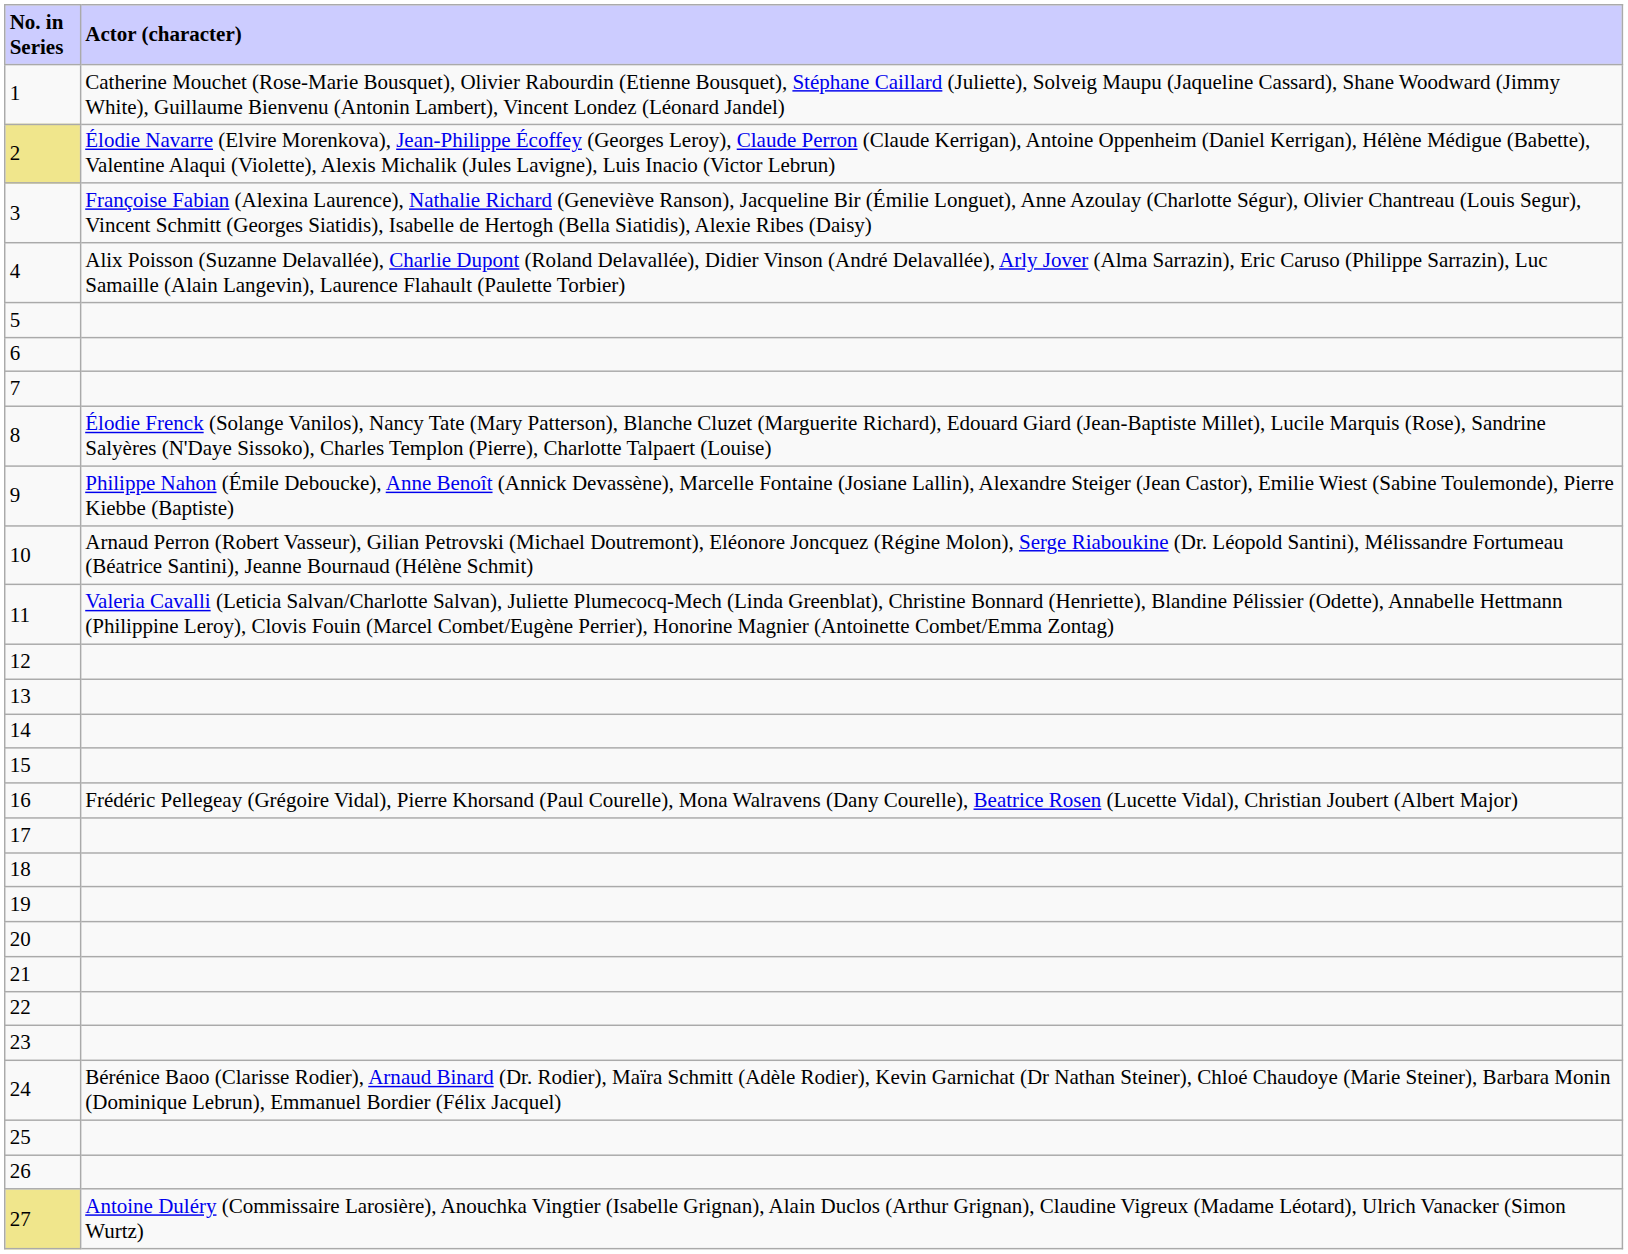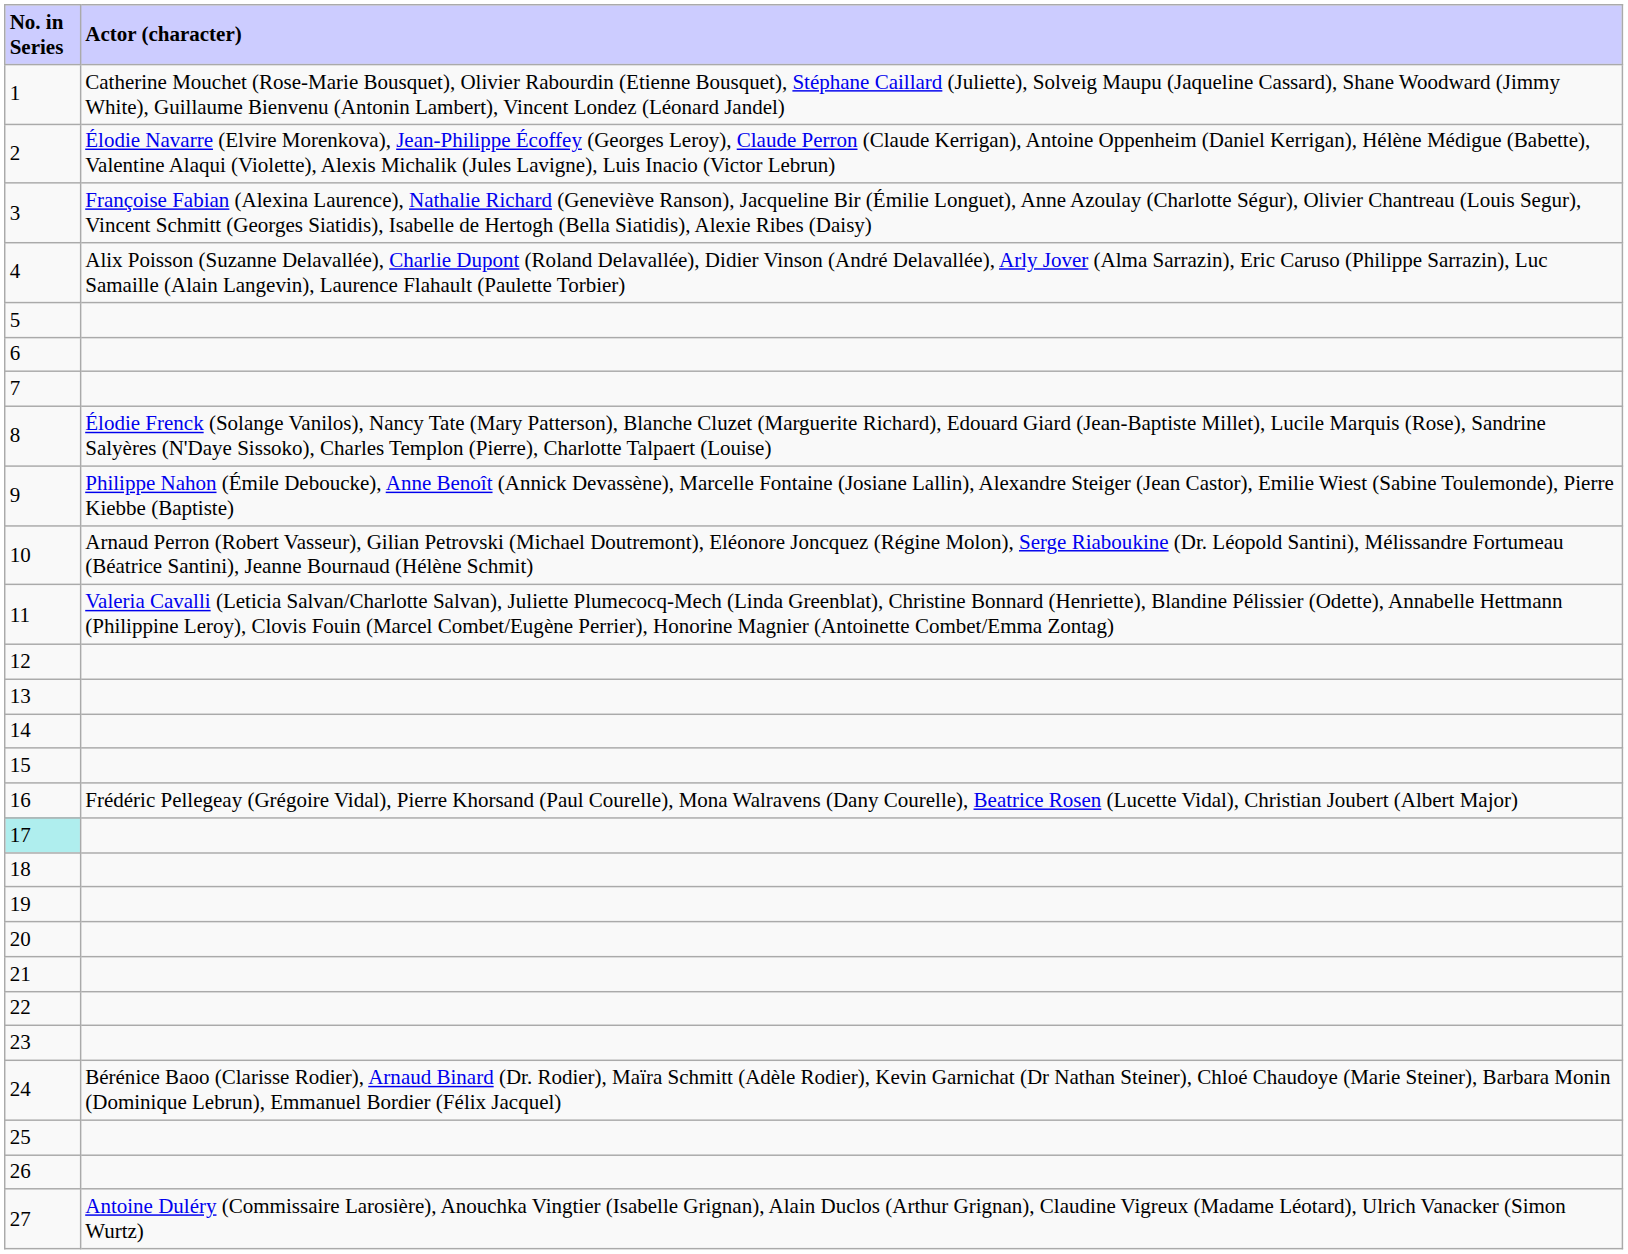 <table class="wikitable mw-collapsible mw-collapsed center" style="font-size: 90%; width:70%; left:0 auto;">
 <tr style="background-color: #CCCCFF">
 <td scope="col" style="width: 45px;"><strong>No. in Series</strong></td>
 <td><strong>Actor (character)</strong></td>
 </tr>
 <tr>
 <td>1</td>
 <td scope="col" align="left">Catherine Mouchet (Rose-Marie Bousquet), Olivier Rabourdin (Etienne Bousquet), <a href='#'>Stéphane Caillard</a> (Juliette), Solveig Maupu (Jaqueline Cassard), Shane Woodward (Jimmy White), Guillaume Bienvenu (Antonin Lambert), Vincent Londez (Léonard Jandel)</td>
 </tr>
 <tr>
-<td style="background: khaki;">2</td>
+<td>2</td>
 <td scope="col" align="left"><a href='#'>Élodie Navarre</a> (Elvire Morenkova), <a href='#'>Jean-Philippe Écoffey</a> (Georges Leroy), <a href='#'>Claude Perron</a> (Claude Kerrigan), Antoine Oppenheim (Daniel Kerrigan), Hélène Médigue (Babette), Valentine Alaqui (Violette), Alexis Michalik (Jules Lavigne), Luis Inacio (Victor Lebrun)</td>
 </tr>
 <tr>
 <td>3</td>
 <td scope="col" align="left"><a href='#'>Françoise Fabian</a> (Alexina Laurence), <a href='#'>Nathalie Richard</a> (Geneviève Ranson), Jacqueline Bir (Émilie Longuet), Anne Azoulay (Charlotte Ségur), Olivier Chantreau (Louis Segur), Vincent Schmitt (Georges Siatidis), Isabelle de Hertogh (Bella Siatidis), Alexie Ribes (Daisy)</td>
 </tr>
 <tr>
 <td>4</td>
 <td scope="col" align="left">Alix Poisson (Suzanne Delavallée), <a href='#'>Charlie Dupont</a> (Roland Delavallée), Didier Vinson (André Delavallée), <a href='#'>Arly Jover</a> (Alma Sarrazin), Eric Caruso (Philippe Sarrazin), Luc Samaille (Alain Langevin), Laurence Flahault (Paulette Torbier)</td>
 </tr>
 <tr>
 <td>5</td>
 <td scope="col" align="left"></td>
 </tr>
 <tr>
 <td>6</td>
 <td scope="col" align="left"></td>
 </tr>
 <tr>
 <td>7</td>
 <td scope="col" align="left"></td>
 </tr>
 <tr>
 <td>8</td>
 <td scope="col" align="left"><a href='#'>Élodie Frenck</a> (Solange Vanilos), Nancy Tate (Mary Patterson), Blanche Cluzet (Marguerite Richard), Edouard Giard (Jean-Baptiste Millet), Lucile Marquis (Rose), Sandrine Salyères (N'Daye Sissoko), Charles Templon (Pierre), Charlotte Talpaert (Louise)</td>
 </tr>
 <tr>
 <td>9</td>
 <td scope="col" align="left"><a href='#'>Philippe Nahon</a> (Émile Deboucke), <a href='#'>Anne Benoît</a> (Annick Devassène), Marcelle Fontaine (Josiane Lallin), Alexandre Steiger (Jean Castor), Emilie Wiest (Sabine Toulemonde), Pierre Kiebbe (Baptiste)</td>
 </tr>
 <tr>
 <td>10</td>
 <td scope="col" align="left">Arnaud Perron (Robert Vasseur), Gilian Petrovski (Michael Doutremont), Eléonore Joncquez (Régine Molon), <a href='#'>Serge Riaboukine</a> (Dr. Léopold Santini), Mélissandre Fortumeau (Béatrice Santini), Jeanne Bournaud (Hélène Schmit)</td>
 </tr>
 <tr>
 <td>11</td>
 <td scope="col" align="left"><a href='#'>Valeria Cavalli</a> (Leticia Salvan/Charlotte Salvan), Juliette Plumecocq-Mech (Linda Greenblat), Christine Bonnard (Henriette), Blandine Pélissier (Odette), Annabelle Hettmann (Philippine Leroy), Clovis Fouin (Marcel Combet/Eugène Perrier), Honorine Magnier (Antoinette Combet/Emma Zontag)</td>
 </tr>
 <tr>
 <td>12</td>
 <td scope="col" align="left"></td>
 </tr>
 <tr>
 <td>13</td>
 <td scope="col" align="left"></td>
 </tr>
 <tr>
 <td>14</td>
 <td scope="col" align="left"></td>
 </tr>
 <tr>
 <td>15</td>
 <td scope="col" align="left"></td>
 </tr>
 <tr>
 <td>16</td>
 <td scope="col" align="left">Frédéric Pellegeay (Grégoire Vidal), Pierre Khorsand (Paul Courelle), Mona Walravens (Dany Courelle), <a href='#'>Beatrice Rosen</a> (Lucette Vidal), Christian Joubert (Albert Major)</td>
 </tr>
 <tr>
-<td>17</td>
+<td style="background: paleturquoise;">17</td>
 <td scope="col" align="left"></td>
 </tr>
 <tr>
 <td>18</td>
 <td scope="col" align="left"></td>
 </tr>
 <tr>
 <td>19</td>
 <td scope="col" align="left"></td>
 </tr>
 <tr>
 <td>20</td>
 <td scope="col" align="left"></td>
 </tr>
 <tr>
 <td>21</td>
 <td scope="col" align="left"></td>
 </tr>
 <tr>
 <td>22</td>
 <td scope="col" align="left"></td>
 </tr>
 <tr>
 <td>23</td>
 <td scope="col" align="left"></td>
 </tr>
 <tr>
 <td>24</td>
 <td scope="col" align="left">Bérénice Baoo (Clarisse Rodier), <a href='#'>Arnaud Binard</a> (Dr. Rodier), Maïra Schmitt (Adèle Rodier), Kevin Garnichat (Dr Nathan Steiner), Chloé Chaudoye (Marie Steiner), Barbara Monin (Dominique Lebrun), Emmanuel Bordier (Félix Jacquel)</td>
 </tr>
 <tr>
 <td>25</td>
 <td scope="col" align="left"></td>
 </tr>
 <tr>
 <td>26</td>
 <td scope="col" align="left"></td>
 </tr>
 <tr>
-<td style="background: khaki;">27</td>
+<td>27</td>
 <td scope="col" align="left"><a href='#'>Antoine Duléry</a> (Commissaire Larosière), Anouchka Vingtier (Isabelle Grignan), Alain Duclos (Arthur Grignan), Claudine Vigreux (Madame Léotard), Ulrich Vanacker (Simon Wurtz)</td>
 </tr>
 </table>
